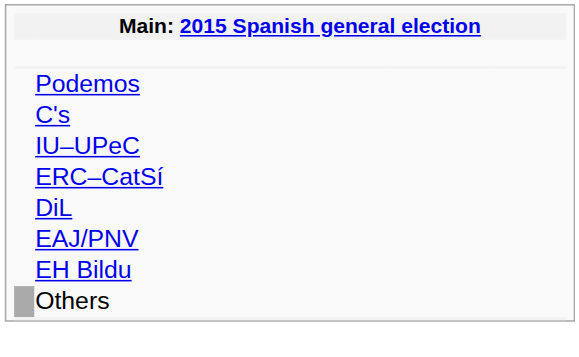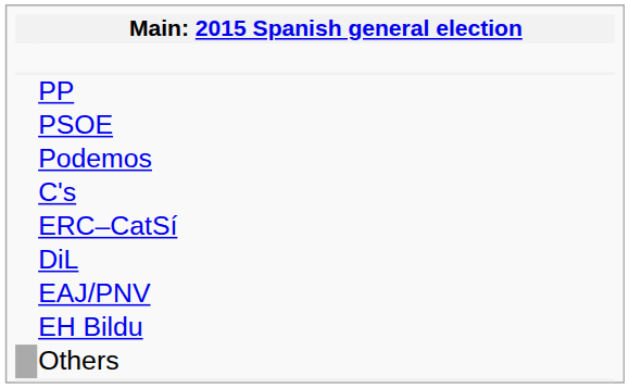 <table class="infobox vcard" style="width:23.0em; padding:0.3em; padding-bottom:0em;" cellspacing=0>
 <tr>
 <td style="background:#F2F2F2; vertical-align:middle; padding:0.4em;" width="30px"></td>
 <th colspan="4" style="text-align:center; background:#F2F2F2; font-size:0.85em; width:100%; vertical-align:middle;">Main: <a href='#'>2015 Spanish general election</a></th>
 </tr>
 <tr>
 <td colspan="5" style="text-align:center; font-size:0.85em; padding:0.5em 0em;">  </td>
 </tr>
 <tr>
 <td colspan="5"></td>
 </tr>
 <tr>
 <td colspan="5"></td>
 </tr>
 <tr>
 <th colspan="2" width="85px" style="background:#F2F2F2;"></th>
 <th width="70px" style="background:#F2F2F2;"></th>
 <th width="45px" style="background:#F2F2F2;"></th>
 <th width="30px" style="background:#F2F2F2;"></th>
 </tr>
 <tr>
 <td style="background:"></td>
+<td><a href='#'>PP</a></td>
+<td></td>
+<td></td>
+<td></td>
+</tr>
+<tr>
+<td style="background:"></td>
+<td><a href='#'>PSOE</a></td>
+<td></td>
+<td></td>
+<td></td>
+</tr>
+<tr>
+<td style="background:"></td>
 <td><a href='#'>Podemos</a></td>
 <td></td>
 <td></td>
 <td></td>
 </tr>
 <tr>
 <td style="background:"></td>
 <td><a href='#'>C's</a></td>
-<td></td>
-<td></td>
-<td></td>
-</tr>
-<tr>
-<td style="background:"></td>
-<td><a href='#'>IU–UPeC</a></td>
 <td></td>
 <td></td>
 <td></td>
 </tr>
 <tr>
 <td style="background:"></td>
 <td><a href='#'>ERC–CatSí</a></td>
 <td></td>
 <td></td>
 <td></td>
 </tr>
 <tr>
 <td style="background:"></td>
 <td><a href='#'>DiL</a></td>
 <td></td>
 <td></td>
 <td></td>
 </tr>
 <tr>
 <td style="background:"></td>
 <td><a href='#'>EAJ/PNV</a></td>
 <td></td>
 <td></td>
 <td></td>
 </tr>
 <tr>
 <td style="background:"></td>
 <td><a href='#'>EH Bildu</a></td>
 <td></td>
 <td></td>
 <td></td>
 </tr>
 <tr>
 <td style="background:#AAAAAA;"></td>
 <td>Others</td>
 <td></td>
 <td></td>
 <td></td>
 </tr>
 <tr>
 <th colspan="2" style="background:#F2F2F2;"></th>
 <th style="background:#F2F2F2;"></th>
 <th style="background:#F2F2F2;"></th>
 <th style="background:#F2F2F2;"></th>
 </tr>
 </table>
